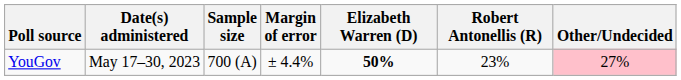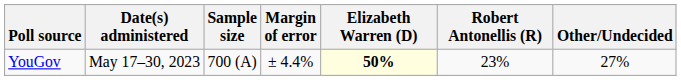 <table class="wikitable" style="font-size:90%;text-align:center;">
 <tr valign=bottom>
 <th>Poll source</th>
 <th>Date(s)<br>administered</th>
 <th>Sample<br>size</th>
 <th>Margin<br>of error</th>
 <th style="width:100px;">Elizabeth<br>Warren (D)</th>
 <th style="width:100px;">Robert<br>Antonellis (R)</th>
 <th>Other/Undecided</th>
 </tr>
 <tr>
 <td rowspan=2 style="text-align:left"><a href='#'>YouGov</a></td>
 <td rowspan=2>May 17–30, 2023</td>
 <td rowspan=2>700 (A)</td>
 <td rowspan=2>± 4.4%</td>
-<td><strong>50%</strong></td>
+<td style="background: lightyellow;"><strong>50%</strong></td>
 <td>23%</td>
-<td style="background: pink;">27%</td>
+<td>27%</td>
 </tr>
 </table>
